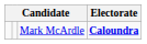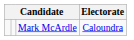 <table class="wikitable" style="text-align:center">
 <tr>
 <th colspan=3>Candidate</th>
 <th>Electorate</th>
 </tr>
 <tr>
 <td width="3pt" > </td>
 <td></td>
 <td><a href='#'>Mark McArdle</a></td>
-<td><strong><a href='#'>Caloundra</a></strong></td>
+<td><a href='#'>Caloundra</a></td>
 </tr>
 </table>
